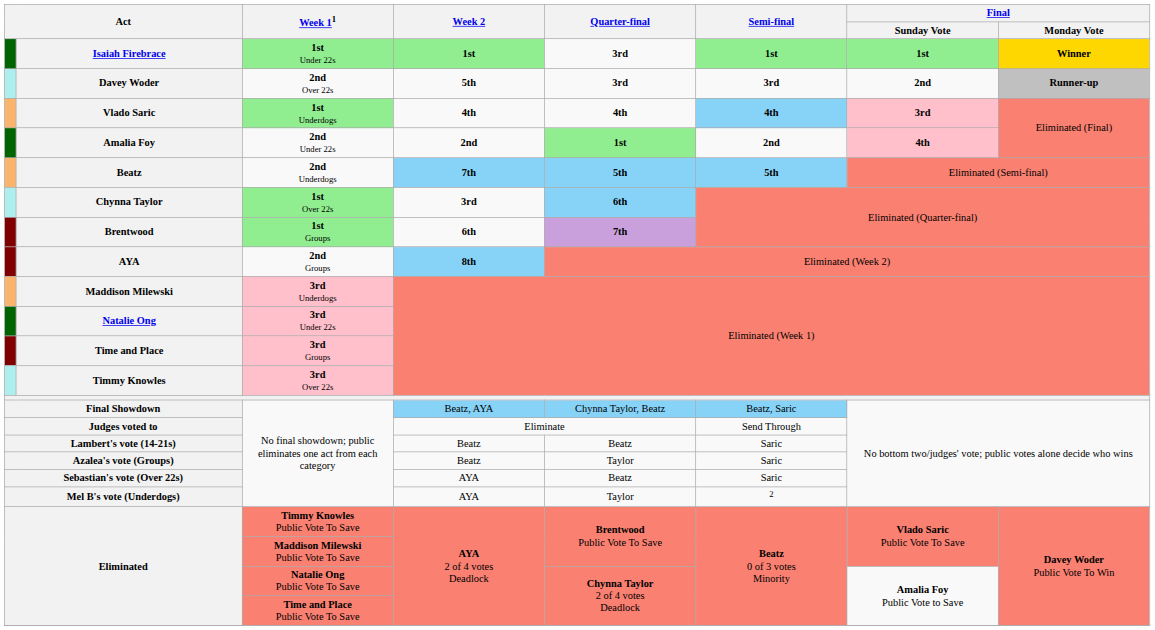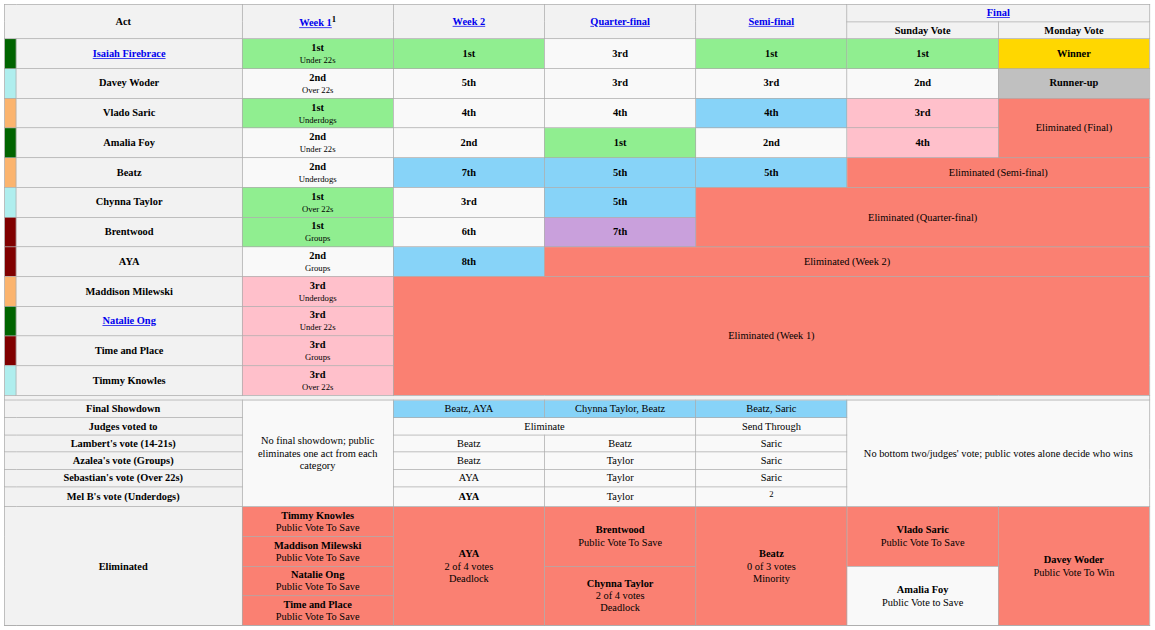 <table class="wikitable" style="text-align:center; font-size:89%">
 <tr>
 <th style="width:11%" colspan="2" rowspan="2" scope="col">Act</th>
 <th style="width:7%" rowspan="2" scope="col"><a href='#'>Week 1</a><sup>1</sup></th>
 <th style="width:7%" rowspan="2" scope="col"><a href='#'>Week 2</a></th>
 <th style="width:7%" rowspan="2" scope="col"><a href='#'>Quarter-final</a></th>
 <th style="width:7%" rowspan="2" scope="col"><a href='#'>Semi-final</a></th>
 <th colspan="2"><a href='#'>Final</a></th>
 </tr>
 <tr>
 <th style="width:7%">Sunday Vote</th>
 <th style="width:7%">Monday Vote</th>
 </tr>
 <tr>
 <th style="background:darkgreen"></th>
 <th scope="row"><a href='#'>Isaiah Firebrace</a></th>
 <td style="background:lightgreen"><strong>1st</strong><br><small>Under 22s</small></td>
 <td style="background:lightgreen"><strong>1st</strong></td>
 <td><strong>3rd</strong></td>
 <td style="background:lightgreen"><strong>1st</strong></td>
 <td style="background:lightgreen"><strong>1st</strong></td>
 <td style="background:gold;"><strong>Winner</strong></td>
 </tr>
 <tr>
 <th style="background:#afeeee"></th>
 <th scope="row">Davey Woder</th>
 <td><strong>2nd</strong><br><small>Over 22s</small></td>
 <td><strong>5th</strong></td>
 <td><strong>3rd</strong></td>
 <td><strong>3rd</strong></td>
 <td><strong>2nd</strong></td>
 <td style="background:#C0C0C0"><strong>Runner-up</strong></td>
 </tr>
 <tr>
 <th style="background:#fbb46e"></th>
 <th scope="row">Vlado Saric</th>
 <td style="background:lightgreen"><strong>1st</strong><br><small>Underdogs</small></td>
 <td><strong>4th</strong></td>
 <td><strong>4th</strong></td>
 <td style="background:#87d3f8;"><strong>4th</strong></td>
 <td style="background:Pink"><strong>3rd</strong></td>
 <td rowspan=2 style="background:#FA8072">Eliminated (Final)</td>
 </tr>
 <tr>
 <th style="background:darkgreen"></th>
 <th scope="row">Amalia Foy</th>
 <td><strong>2nd</strong><br><small>Under 22s</small></td>
 <td><strong>2nd</strong></td>
 <td style="background:lightgreen"><strong>1st</strong></td>
 <td><strong>2nd</strong></td>
 <td style="background:Pink"><strong>4th</strong></td>
 </tr>
 <tr>
 <th style="background:#fbb46e"></th>
 <th scope="row">Beatz</th>
 <td><strong>2nd</strong><br><small>Underdogs</small></td>
 <td style="background:#87d3f8;"><strong>7th</strong></td>
 <td style="background:#87d3f8;"><strong>5th</strong></td>
 <td style="background:#87d3f8;"><strong>5th</strong></td>
 <td colspan="2" style="background:#FA8072">Eliminated (Semi-final)</td>
 </tr>
 <tr>
 <th style="background:#afeeee"></th>
 <th scope="row">Chynna Taylor</th>
 <td style="background:lightgreen"><strong>1st</strong><br><small>Over 22s</small></td>
 <td><strong>3rd</strong></td>
-<td style="background:#87d3f8;"><strong>6th</strong></td>
+<td style="background:#87d3f8;"><strong>5th</strong></td>
 <td style="background:#FA8072" rowspan=2 colspan="3">Eliminated (Quarter-final)</td>
 </tr>
 <tr>
 <th style="background:maroon"></th>
 <th scope="row">Brentwood</th>
 <td style="background:lightgreen"><strong>1st</strong><br><small>Groups</small></td>
 <td><strong>6th</strong></td>
 <td style="background:#C9A0DC"><strong>7th</strong></td>
 </tr>
 <tr>
 <th style="background:maroon"></th>
 <th scope="row">AYA</th>
 <td><strong>2nd</strong><br><small>Groups</small></td>
 <td style="background:#87d3f8;"><strong>8th</strong></td>
 <td style="background:#FA8072" colspan="4">Eliminated (Week 2)</td>
 </tr>
 <tr>
 <th style="background:#fbb46e"></th>
 <th scope="row">Maddison Milewski</th>
 <td style="background:Pink"><strong>3rd</strong><br><small>Underdogs</small></td>
 <td colspan="5" rowspan="4" style="background:#FA8072">Eliminated (Week 1)</td>
 </tr>
 <tr>
 <th style="background:darkgreen"></th>
 <th scope="row"><a href='#'>Natalie Ong</a></th>
 <td style="background:Pink"><strong>3rd</strong><br><small>Under 22s</small></td>
 </tr>
 <tr>
 <th style="background:maroon"></th>
 <th scope="row">Time and Place</th>
 <td style="background:Pink"><strong>3rd</strong><br><small>Groups</small></td>
 </tr>
 <tr>
 <th style="background:#afeeee"></th>
 <th scope="row">Timmy Knowles</th>
 <td style="background:Pink"><strong>3rd</strong><br><small>Over 22s</small></td>
 </tr>
 <tr>
 <th scope="row" colspan="16"></th>
 </tr>
 <tr>
 <th rowspan="1" colspan=2>Final Showdown</th>
 <td rowspan="6" colspan="1">No final showdown; public eliminates one act from each category</td>
 <td style="background:#87D3F8">Beatz, AYA</td>
 <td style="background:#87D3F8">Chynna Taylor, Beatz</td>
 <td style="background:#87D3F8">Beatz, Saric</td>
 <td rowspan="6" colspan="2">No bottom two/judges' vote; public votes alone decide who wins</td>
 </tr>
 <tr>
 <th scope="row" colspan=2>Judges voted to</th>
 <td colspan="2">Eliminate</td>
 <td>Send Through</td>
 </tr>
 <tr>
 <th scope="row" colspan=2>Lambert's vote (14-21s)</th>
 <td>Beatz</td>
 <td>Beatz</td>
 <td>Saric</td>
 </tr>
 <tr>
 <th scope="row" colspan=2>Azalea's vote (Groups)</th>
 <td>Beatz</td>
 <td>Taylor</td>
 <td>Saric</td>
 </tr>
 <tr>
 <th scope="row" colspan=2>Sebastian's vote (Over 22s)</th>
 <td>AYA</td>
-<td>Beatz</td>
+<td>Taylor</td>
 <td>Saric</td>
 </tr>
 <tr>
 <th scope="row" colspan=2>Mel B's vote (Underdogs)</th>
-<td>AYA</td>
+<td><strong>AYA</strong></td>
 <td>Taylor</td>
 <td><sup>2</sup></td>
 </tr>
 <tr>
 <th rowspan="4" colspan=2>Eliminated</th>
 <td style="background:#FA8072"><strong>Timmy Knowles </strong> <br>Public Vote To Save</td>
 <td style="background:#FA8072" rowspan="4"><strong>AYA</strong> <br>2 of 4 votes<br>Deadlock</td>
 <td style="background:#FA8072" rowspan="2"><strong>Brentwood</strong> <br>Public Vote To Save</td>
 <td style="background:#FA8072" rowspan="4"><strong>Beatz</strong> <br>0 of 3 votes<br>Minority</td>
 <td style="background:#FA8072" rowspan=2><strong>Vlado Saric</strong><br>Public Vote To Save</td>
 <td style="width:7%; background:#FA8072" rowspan=4><strong>Davey Woder</strong><br>Public Vote To Win</td>
 </tr>
 <tr>
 <td style="background:#FA8072"><strong>Maddison Milewski</strong> <br>Public Vote To Save</td>
 </tr>
 <tr>
 <td style="background:#FA8072"><strong>Natalie Ong</strong> <br>Public Vote To Save</td>
 <td style="background:#FA8072" rowspan="2"><strong>Chynna Taylor</strong> <br>2 of 4 votes<br>Deadlock</td>
 <td style="width:7%" style="background:#FA8072;" rowspan=2><strong>Amalia Foy</strong><br>Public Vote to Save</td>
 </tr>
 <tr>
 <td style="background:#FA8072"><strong>Time and Place</strong> <br>Public Vote To Save</td>
 </tr>
 <tr>
 </tr>
 </table>
